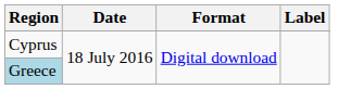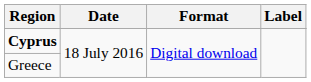 <table class=wikitable>
 <tr>
 <th>Region</th>
 <th>Date</th>
 <th>Format</th>
 <th>Label</th>
 </tr>
 <tr>
 </tr>
 <tr>
-<td>Cyprus</td>
+<td><strong>Cyprus</strong></td>
 <td rowspan="2">18 July 2016</td>
 <td rowspan="2"><a href='#'>Digital download</a></td>
 <td rowspan="2"></td>
 </tr>
 <tr>
-<td style="background: lightblue;">Greece</td>
+<td>Greece</td>
 </tr>
 </table>
